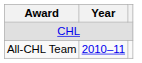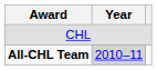 <table class="wikitable">
 <tr>
 <th>Award</th>
 <th>Year</th>
 <th></th>
 </tr>
 <tr ALIGN="center" bgcolor="#e0e0e0">
 <td colspan="3"><a href='#'>CHL</a></td>
 </tr>
 <tr>
-<td>All-CHL Team</td>
-<td><a href='#'>2010–11</a></td>
+<td><strong>All-CHL Team</strong></td>
+<td style="background: lightgrey;"><a href='#'>2010–11</a></td>
 <td></td>
 </tr>
 </table>
